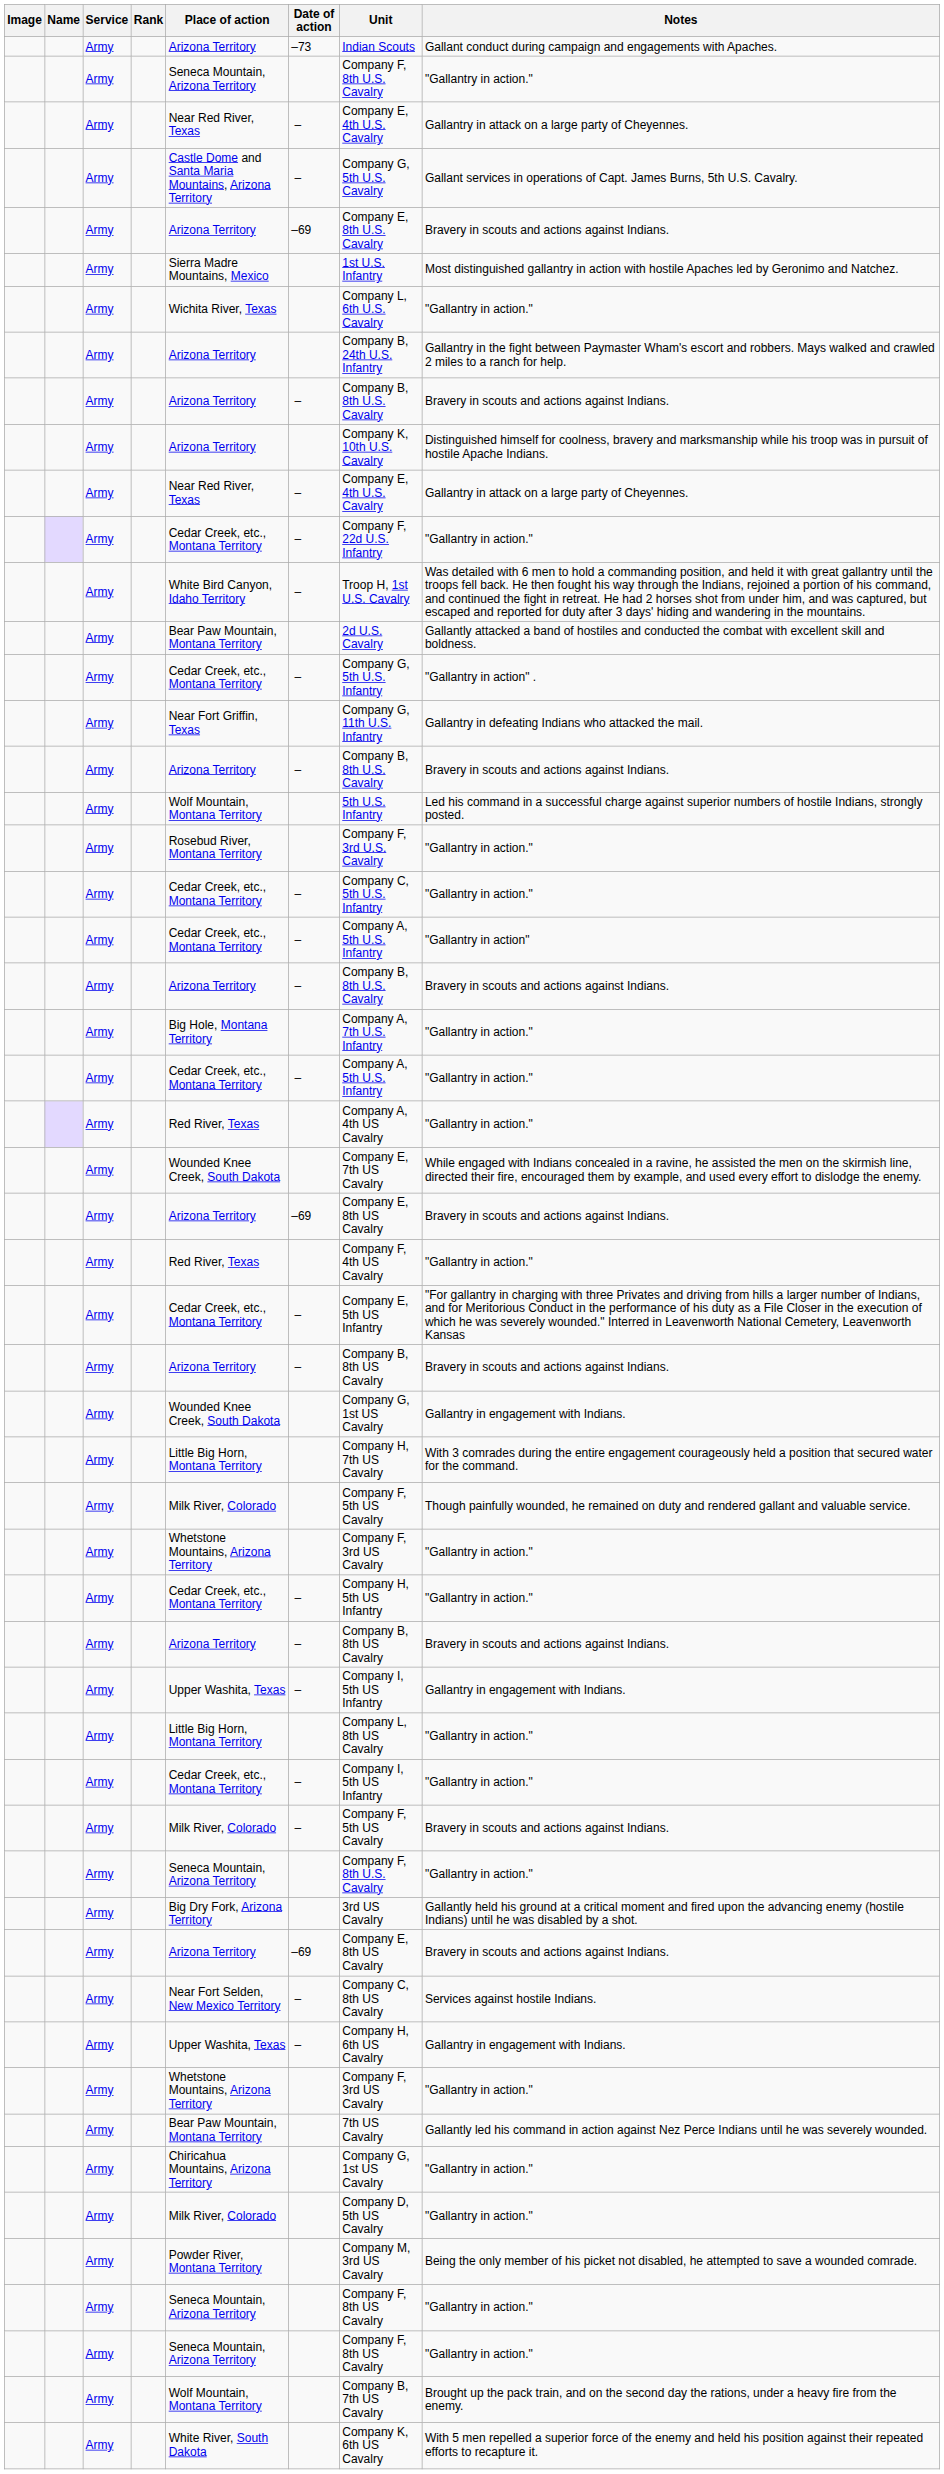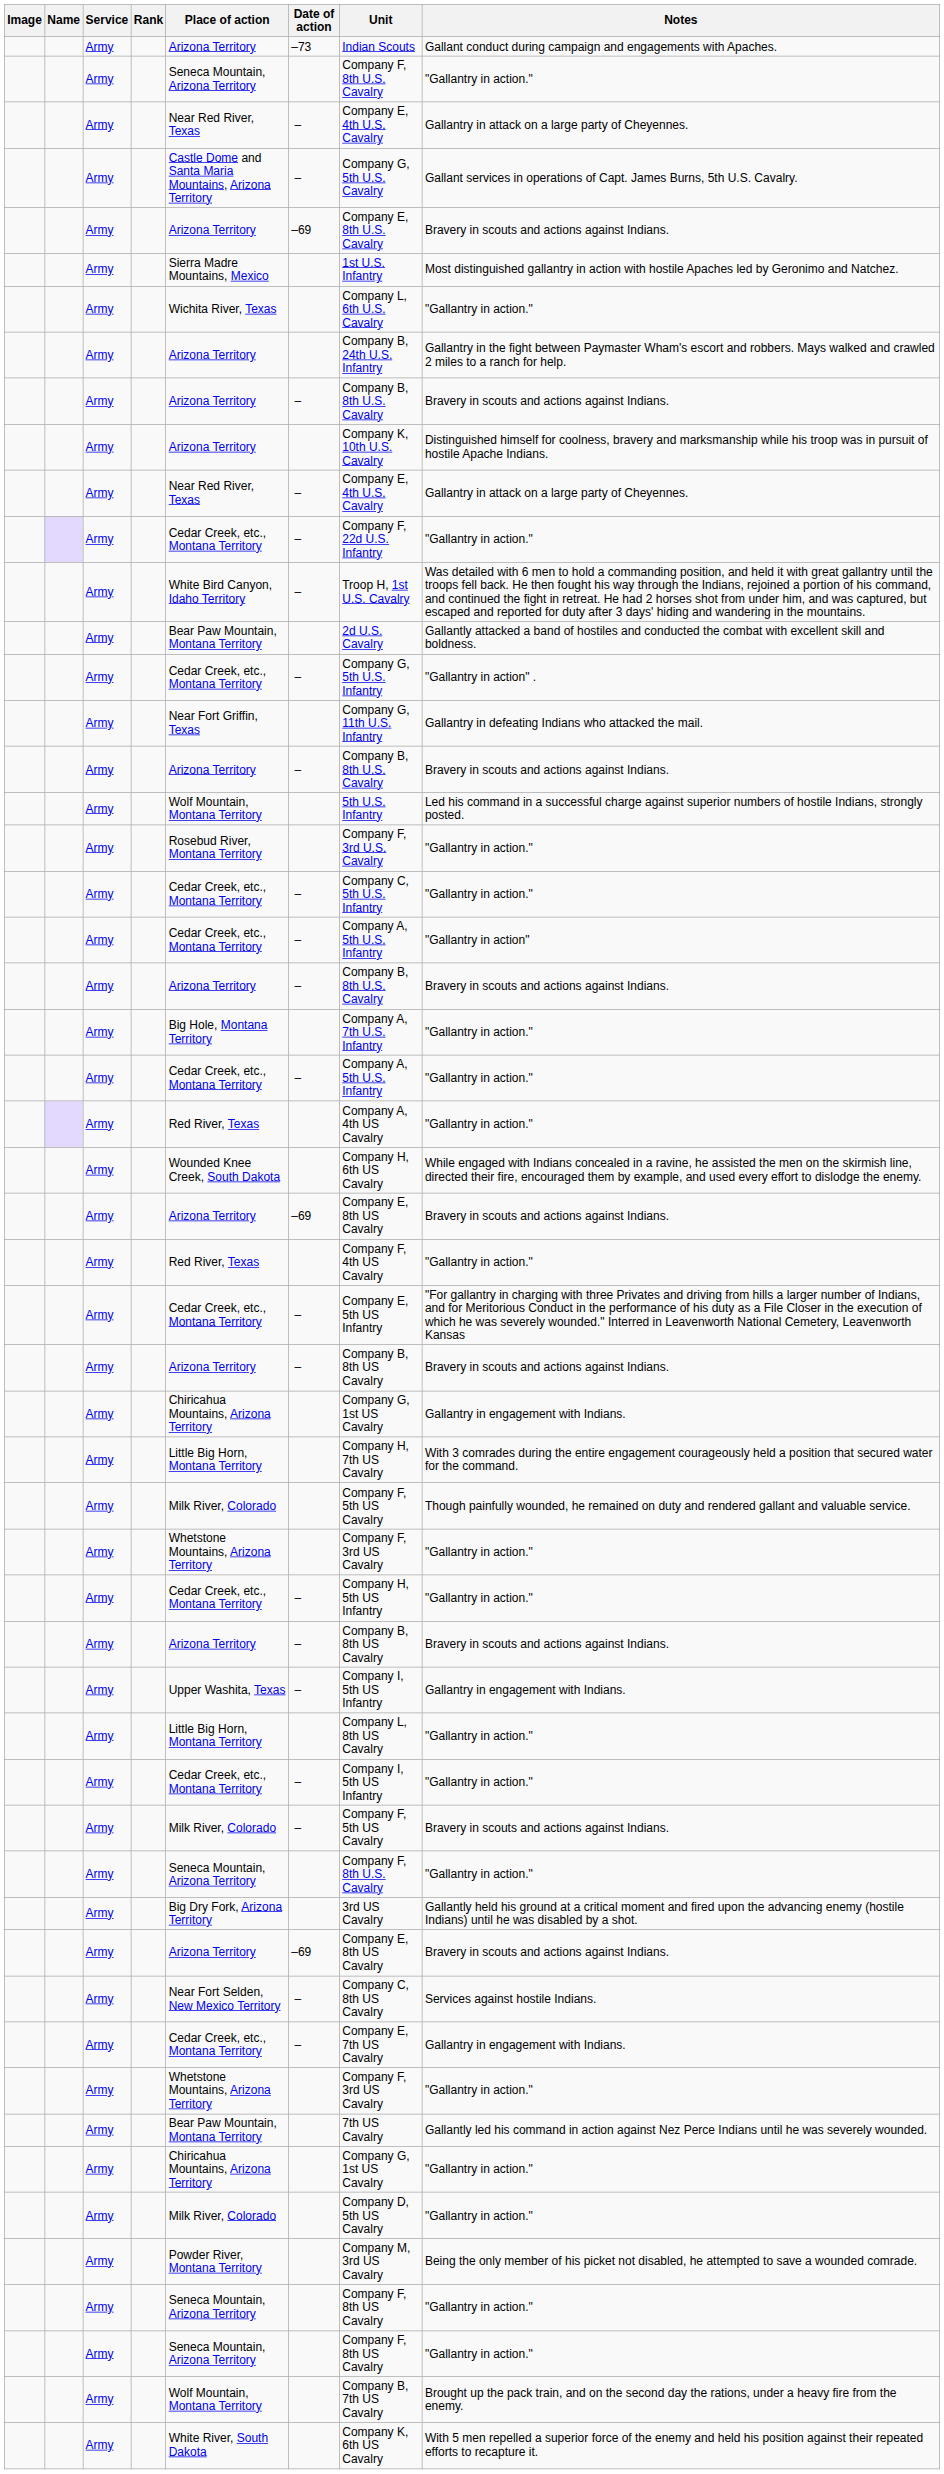 <table class="wikitable sortable">
 <tr>
 <th class="unsortable">Image</th>
 <th>Name</th>
 <th>Service</th>
 <th>Rank</th>
 <th>Place of action</th>
 <th>Date of action</th>
 <th>Unit</th>
 <th class="unsortable">Notes</th>
 </tr>
 <tr>
 <td></td>
 <td></td>
 <td><a href='#'>Army</a></td>
 <td></td>
 <td><a href='#'>Arizona Territory</a></td>
 <td>–73</td>
 <td><a href='#'>Indian Scouts</a></td>
 <td>Gallant conduct during campaign and engagements with Apaches.</td>
 </tr>
 <tr>
 <td></td>
 <td></td>
 <td><a href='#'>Army</a></td>
 <td></td>
 <td>Seneca Mountain, <a href='#'>Arizona Territory</a></td>
 <td></td>
 <td>Company F, <a href='#'>8th U.S. Cavalry</a></td>
 <td>"Gallantry in action."</td>
 </tr>
 <tr>
 <td></td>
 <td></td>
 <td><a href='#'>Army</a></td>
 <td></td>
 <td>Near Red River, <a href='#'>Texas</a></td>
 <td> – </td>
 <td>Company E, <a href='#'>4th U.S. Cavalry</a></td>
 <td>Gallantry in attack on a large party of Cheyennes.</td>
 </tr>
 <tr>
 <td></td>
 <td></td>
 <td><a href='#'>Army</a></td>
 <td></td>
 <td><a href='#'>Castle Dome</a> and <a href='#'>Santa Maria Mountains</a>, <a href='#'>Arizona Territory</a></td>
 <td> – </td>
 <td>Company G, <a href='#'>5th U.S. Cavalry</a></td>
 <td>Gallant services in operations of Capt. James Burns, 5th U.S. Cavalry.</td>
 </tr>
 <tr>
 <td></td>
 <td></td>
 <td><a href='#'>Army</a></td>
 <td></td>
 <td><a href='#'>Arizona Territory</a></td>
 <td>–69</td>
 <td>Company E, <a href='#'>8th U.S. Cavalry</a></td>
 <td>Bravery in scouts and actions against Indians.</td>
 </tr>
 <tr>
 <td></td>
 <td></td>
 <td><a href='#'>Army</a></td>
 <td></td>
 <td>Sierra Madre Mountains, <a href='#'>Mexico</a></td>
 <td></td>
 <td><a href='#'>1st U.S. Infantry</a></td>
 <td>Most distinguished gallantry in action with hostile Apaches led by Geronimo and Natchez.</td>
 </tr>
 <tr>
 <td></td>
 <td></td>
 <td><a href='#'>Army</a></td>
 <td></td>
 <td>Wichita River, <a href='#'>Texas</a></td>
 <td></td>
 <td>Company L, <a href='#'>6th U.S. Cavalry</a></td>
 <td>"Gallantry in action."</td>
 </tr>
 <tr>
 <td></td>
 <td></td>
 <td><a href='#'>Army</a></td>
 <td></td>
 <td><a href='#'>Arizona Territory</a></td>
 <td></td>
 <td>Company B, <a href='#'>24th U.S. Infantry</a></td>
 <td>Gallantry in the fight between Paymaster Wham's escort and robbers. Mays walked and crawled 2 miles to a ranch for help.</td>
 </tr>
 <tr>
 <td></td>
 <td></td>
 <td><a href='#'>Army</a></td>
 <td></td>
 <td><a href='#'>Arizona Territory</a></td>
 <td> – </td>
 <td>Company B, <a href='#'>8th U.S. Cavalry</a></td>
 <td>Bravery in scouts and actions against Indians.</td>
 </tr>
 <tr>
 <td></td>
 <td></td>
 <td><a href='#'>Army</a></td>
 <td></td>
 <td><a href='#'>Arizona Territory</a></td>
 <td></td>
 <td>Company K, <a href='#'>10th U.S. Cavalry</a></td>
 <td>Distinguished himself for coolness, bravery and marksmanship while his troop was in pursuit of hostile Apache Indians.</td>
 </tr>
 <tr>
 <td></td>
 <td></td>
 <td><a href='#'>Army</a></td>
 <td></td>
 <td>Near Red River, <a href='#'>Texas</a></td>
 <td> – </td>
 <td>Company E, <a href='#'>4th U.S. Cavalry</a></td>
 <td>Gallantry in attack on a large party of Cheyennes.</td>
 </tr>
 <tr>
 <td></td>
 <td style="background:#e3d9ff;"></td>
 <td><a href='#'>Army</a></td>
 <td></td>
 <td>Cedar Creek, etc., <a href='#'>Montana Territory</a></td>
 <td> – </td>
 <td>Company F, <a href='#'>22d U.S. Infantry</a></td>
 <td>"Gallantry in action."</td>
 </tr>
 <tr>
 <td></td>
 <td></td>
 <td><a href='#'>Army</a></td>
 <td></td>
 <td>White Bird Canyon, <a href='#'>Idaho Territory</a></td>
 <td> – </td>
 <td>Troop H, <a href='#'>1st U.S. Cavalry</a></td>
 <td>Was detailed with 6 men to hold a commanding position, and held it with great gallantry until the troops fell back. He then fought his way through the Indians, rejoined a portion of his command, and continued the fight in retreat. He had 2 horses shot from under him, and was captured, but escaped and reported for duty after 3 days' hiding and wandering in the mountains.</td>
 </tr>
 <tr>
 <td></td>
 <td></td>
 <td><a href='#'>Army</a></td>
 <td></td>
 <td>Bear Paw Mountain, <a href='#'>Montana Territory</a></td>
 <td></td>
 <td><a href='#'>2d U.S. Cavalry</a></td>
 <td>Gallantly attacked a band of hostiles and conducted the combat with excellent skill and boldness.</td>
 </tr>
 <tr>
 <td></td>
 <td></td>
 <td><a href='#'>Army</a></td>
 <td></td>
 <td>Cedar Creek, etc., <a href='#'>Montana Territory</a></td>
 <td> – </td>
 <td>Company G, <a href='#'>5th U.S. Infantry</a></td>
 <td>"Gallantry in action" .</td>
 </tr>
 <tr>
 <td></td>
 <td></td>
 <td><a href='#'>Army</a></td>
 <td></td>
 <td>Near Fort Griffin, <a href='#'>Texas</a></td>
 <td></td>
 <td>Company G, <a href='#'>11th U.S. Infantry</a></td>
 <td>Gallantry in defeating Indians who attacked the mail.</td>
 </tr>
 <tr>
 <td></td>
 <td></td>
 <td><a href='#'>Army</a></td>
 <td></td>
 <td><a href='#'>Arizona Territory</a></td>
 <td> – </td>
 <td>Company B, <a href='#'>8th U.S. Cavalry</a></td>
 <td>Bravery in scouts and actions against Indians.</td>
 </tr>
 <tr>
 <td></td>
 <td></td>
 <td><a href='#'>Army</a></td>
 <td></td>
 <td>Wolf Mountain, <a href='#'>Montana Territory</a></td>
 <td></td>
 <td><a href='#'>5th U.S. Infantry</a></td>
 <td>Led his command in a successful charge against superior numbers of hostile Indians, strongly posted.</td>
 </tr>
 <tr>
 <td></td>
 <td></td>
 <td><a href='#'>Army</a></td>
 <td></td>
 <td>Rosebud River, <a href='#'>Montana Territory</a></td>
 <td></td>
 <td>Company F, <a href='#'>3rd U.S. Cavalry</a></td>
 <td>"Gallantry in action."</td>
 </tr>
 <tr>
 <td></td>
 <td></td>
 <td><a href='#'>Army</a></td>
 <td></td>
 <td>Cedar Creek, etc., <a href='#'>Montana Territory</a></td>
 <td> – </td>
 <td>Company C, <a href='#'>5th U.S. Infantry</a></td>
 <td>"Gallantry in action."</td>
 </tr>
 <tr>
 <td></td>
 <td></td>
 <td><a href='#'>Army</a></td>
 <td></td>
 <td>Cedar Creek, etc., <a href='#'>Montana Territory</a></td>
 <td> – </td>
 <td>Company A, <a href='#'>5th U.S. Infantry</a></td>
 <td>"Gallantry in action"</td>
 </tr>
 <tr>
 <td></td>
 <td></td>
 <td><a href='#'>Army</a></td>
 <td></td>
 <td><a href='#'>Arizona Territory</a></td>
 <td> – </td>
 <td>Company B, <a href='#'>8th U.S. Cavalry</a></td>
 <td>Bravery in scouts and actions against Indians.</td>
 </tr>
 <tr>
 <td></td>
 <td></td>
 <td><a href='#'>Army</a></td>
 <td></td>
 <td>Big Hole, <a href='#'>Montana Territory</a></td>
 <td></td>
 <td>Company A, <a href='#'>7th U.S. Infantry</a></td>
 <td>"Gallantry in action."</td>
 </tr>
 <tr>
 <td></td>
 <td></td>
 <td><a href='#'>Army</a></td>
 <td></td>
 <td>Cedar Creek, etc., <a href='#'>Montana Territory</a></td>
 <td> – </td>
 <td>Company A, <a href='#'>5th U.S. Infantry</a></td>
 <td>"Gallantry in action."</td>
 </tr>
 <tr>
 <td></td>
 <td style="background:#e3d9ff;"></td>
 <td><a href='#'>Army</a></td>
 <td></td>
 <td>Red River, <a href='#'>Texas</a></td>
 <td></td>
 <td>Company A, 4th US Cavalry</td>
 <td>"Gallantry in action."</td>
 </tr>
 <tr>
 <td></td>
 <td></td>
 <td><a href='#'>Army</a></td>
 <td></td>
 <td>Wounded Knee Creek, <a href='#'>South Dakota</a></td>
 <td></td>
-<td>Company E, 7th US Cavalry</td>
+<td>Company H, 6th US Cavalry</td>
 <td>While engaged with Indians concealed in a ravine, he assisted the men on the skirmish line, directed their fire, encouraged them by example, and used every effort to dislodge the enemy.</td>
 </tr>
 <tr>
 <td></td>
 <td></td>
 <td><a href='#'>Army</a></td>
 <td></td>
 <td><a href='#'>Arizona Territory</a></td>
 <td>–69</td>
 <td>Company E, 8th US Cavalry</td>
 <td>Bravery in scouts and actions against Indians.</td>
 </tr>
 <tr>
 <td></td>
 <td></td>
 <td><a href='#'>Army</a></td>
 <td></td>
 <td>Red River, <a href='#'>Texas</a></td>
 <td></td>
 <td>Company F, 4th US Cavalry</td>
 <td>"Gallantry in action."</td>
 </tr>
 <tr>
 <td></td>
 <td></td>
 <td><a href='#'>Army</a></td>
 <td></td>
 <td>Cedar Creek, etc., <a href='#'>Montana Territory</a></td>
 <td> – </td>
 <td>Company E, 5th US Infantry</td>
 <td>"For gallantry in charging with three Privates and driving from hills a larger number of Indians, and for Meritorious Conduct in the performance of his duty as a File Closer in the execution of which he was severely wounded."  Interred in Leavenworth National Cemetery, Leavenworth Kansas</td>
 </tr>
 <tr>
 <td></td>
 <td></td>
 <td><a href='#'>Army</a></td>
 <td></td>
 <td><a href='#'>Arizona Territory</a></td>
 <td> – </td>
 <td>Company B, 8th US Cavalry</td>
 <td>Bravery in scouts and actions against Indians.</td>
 </tr>
 <tr>
 <td></td>
 <td></td>
 <td><a href='#'>Army</a></td>
 <td></td>
-<td>Wounded Knee Creek, <a href='#'>South Dakota</a></td>
+<td>Chiricahua Mountains, <a href='#'>Arizona Territory</a></td>
 <td></td>
 <td>Company G, 1st US Cavalry</td>
 <td>Gallantry in engagement with Indians.</td>
 </tr>
 <tr>
 <td></td>
 <td></td>
 <td><a href='#'>Army</a></td>
 <td></td>
 <td>Little Big Horn, <a href='#'>Montana Territory</a></td>
 <td></td>
 <td>Company H, 7th US Cavalry</td>
 <td>With 3 comrades during the entire engagement courageously held a position that secured water for the command.</td>
 </tr>
 <tr>
 <td></td>
 <td></td>
 <td><a href='#'>Army</a></td>
 <td></td>
 <td>Milk River, <a href='#'>Colorado</a></td>
 <td></td>
 <td>Company F, 5th US Cavalry</td>
 <td>Though painfully wounded, he remained on duty and rendered gallant and valuable service.</td>
 </tr>
 <tr>
 <td></td>
 <td></td>
 <td><a href='#'>Army</a></td>
 <td></td>
 <td>Whetstone Mountains, <a href='#'>Arizona Territory</a></td>
 <td></td>
 <td>Company F, 3rd US Cavalry</td>
 <td>"Gallantry in action."</td>
 </tr>
 <tr>
 <td></td>
 <td></td>
 <td><a href='#'>Army</a></td>
 <td></td>
 <td>Cedar Creek, etc., <a href='#'>Montana Territory</a></td>
 <td> – </td>
 <td>Company H, 5th US Infantry</td>
 <td>"Gallantry in action."</td>
 </tr>
 <tr>
 <td></td>
 <td></td>
 <td><a href='#'>Army</a></td>
 <td></td>
 <td><a href='#'>Arizona Territory</a></td>
 <td> – </td>
 <td>Company B, 8th US Cavalry</td>
 <td>Bravery in scouts and actions against Indians.</td>
 </tr>
 <tr>
 <td></td>
 <td></td>
 <td><a href='#'>Army</a></td>
 <td></td>
 <td>Upper Washita, <a href='#'>Texas</a></td>
 <td> – </td>
 <td>Company I, 5th US Infantry</td>
 <td>Gallantry in engagement with Indians.</td>
 </tr>
 <tr>
 <td></td>
 <td></td>
 <td><a href='#'>Army</a></td>
 <td></td>
 <td>Little Big Horn, <a href='#'>Montana Territory</a></td>
 <td></td>
 <td>Company L, 8th US Cavalry</td>
 <td>"Gallantry in action."</td>
 </tr>
 <tr>
 <td></td>
 <td></td>
 <td><a href='#'>Army</a></td>
 <td></td>
 <td>Cedar Creek, etc., <a href='#'>Montana Territory</a></td>
 <td> – </td>
 <td>Company I, 5th US Infantry</td>
 <td>"Gallantry in action."</td>
 </tr>
 <tr>
 <td></td>
 <td></td>
 <td><a href='#'>Army</a></td>
 <td></td>
 <td>Milk River, <a href='#'>Colorado</a></td>
 <td> – </td>
 <td>Company F, 5th US Cavalry</td>
 <td>Bravery in scouts and actions against Indians.</td>
 </tr>
 <tr>
 <td></td>
 <td></td>
 <td><a href='#'>Army</a></td>
 <td></td>
 <td>Seneca Mountain, <a href='#'>Arizona Territory</a></td>
 <td></td>
 <td>Company F, <a href='#'>8th U.S. Cavalry</a></td>
 <td>"Gallantry in action."</td>
 </tr>
 <tr>
 <td></td>
 <td></td>
 <td><a href='#'>Army</a></td>
 <td></td>
 <td>Big Dry Fork, <a href='#'>Arizona Territory</a></td>
 <td></td>
 <td>3rd US Cavalry</td>
 <td>Gallantly held his ground at a critical moment and fired upon the advancing enemy (hostile Indians) until he was disabled by a shot.</td>
 </tr>
 <tr>
 <td></td>
 <td></td>
 <td><a href='#'>Army</a></td>
 <td></td>
 <td><a href='#'>Arizona Territory</a></td>
 <td>–69</td>
 <td>Company E, 8th US Cavalry</td>
 <td>Bravery in scouts and actions against Indians.</td>
 </tr>
 <tr>
 <td></td>
 <td></td>
 <td><a href='#'>Army</a></td>
 <td></td>
 <td>Near Fort Selden, <a href='#'>New Mexico Territory</a></td>
 <td> – </td>
 <td>Company C, 8th US Cavalry</td>
 <td>Services against hostile Indians.</td>
 </tr>
 <tr>
 <td></td>
 <td></td>
 <td><a href='#'>Army</a></td>
 <td></td>
-<td>Upper Washita, <a href='#'>Texas</a></td>
+<td>Cedar Creek, etc., <a href='#'>Montana Territory</a></td>
 <td> – </td>
-<td>Company H, 6th US Cavalry</td>
+<td>Company E, 7th US Cavalry</td>
 <td>Gallantry in engagement with Indians.</td>
 </tr>
 <tr>
 <td></td>
 <td></td>
 <td><a href='#'>Army</a></td>
 <td></td>
 <td>Whetstone Mountains, <a href='#'>Arizona Territory</a></td>
 <td></td>
 <td>Company F, 3rd US Cavalry</td>
 <td>"Gallantry in action."</td>
 </tr>
 <tr>
 <td></td>
 <td></td>
 <td><a href='#'>Army</a></td>
 <td></td>
 <td>Bear Paw Mountain, <a href='#'>Montana Territory</a></td>
 <td></td>
 <td>7th US Cavalry</td>
 <td>Gallantly led his command in action against Nez Perce Indians until he was severely wounded.</td>
 </tr>
 <tr>
 <td></td>
 <td></td>
 <td><a href='#'>Army</a></td>
 <td></td>
 <td>Chiricahua Mountains, <a href='#'>Arizona Territory</a></td>
 <td></td>
 <td>Company G, 1st US Cavalry</td>
 <td>"Gallantry in action."</td>
 </tr>
 <tr>
 <td></td>
 <td></td>
 <td><a href='#'>Army</a></td>
 <td></td>
 <td>Milk River, <a href='#'>Colorado</a></td>
 <td></td>
 <td>Company D, 5th US Cavalry</td>
 <td>"Gallantry in action."</td>
 </tr>
 <tr>
 <td></td>
 <td></td>
 <td><a href='#'>Army</a></td>
 <td></td>
 <td>Powder River, <a href='#'>Montana Territory</a></td>
 <td></td>
 <td>Company M, 3rd US Cavalry</td>
 <td>Being the only member of his picket not disabled, he attempted to save a wounded comrade.</td>
 </tr>
 <tr>
 <td></td>
 <td></td>
 <td><a href='#'>Army</a></td>
 <td></td>
 <td>Seneca Mountain, <a href='#'>Arizona Territory</a></td>
 <td></td>
 <td>Company F, 8th US Cavalry</td>
 <td>"Gallantry in action."</td>
 </tr>
 <tr>
 <td></td>
 <td></td>
 <td><a href='#'>Army</a></td>
 <td></td>
 <td>Seneca Mountain, <a href='#'>Arizona Territory</a></td>
 <td></td>
 <td>Company F, 8th US Cavalry</td>
 <td>"Gallantry in action."</td>
 </tr>
 <tr>
 <td></td>
 <td></td>
 <td><a href='#'>Army</a></td>
 <td></td>
 <td>Wolf Mountain, <a href='#'>Montana Territory</a></td>
 <td></td>
 <td>Company B, 7th US Cavalry</td>
 <td>Brought up the pack train, and on the second day the rations, under a heavy fire from the enemy.</td>
 </tr>
 <tr>
 <td></td>
 <td></td>
 <td><a href='#'>Army</a></td>
 <td></td>
 <td>White River, <a href='#'>South Dakota</a></td>
 <td></td>
 <td>Company K, 6th US Cavalry</td>
 <td>With 5 men repelled a superior force of the enemy and held his position against their repeated efforts to recapture it.</td>
 </tr>
 </table>
